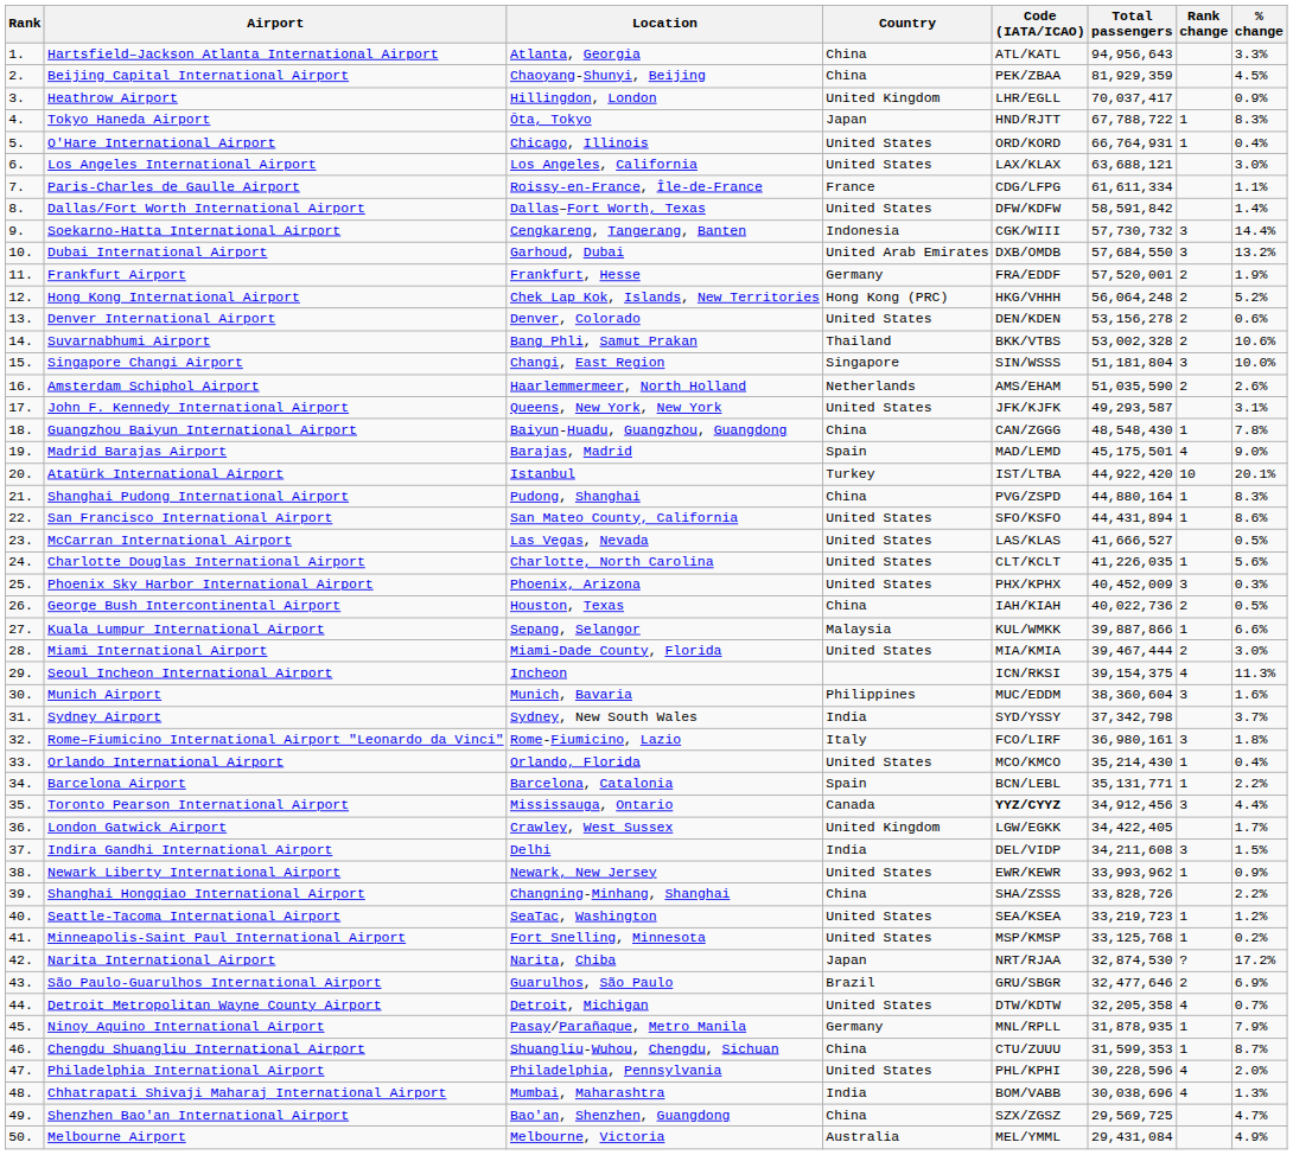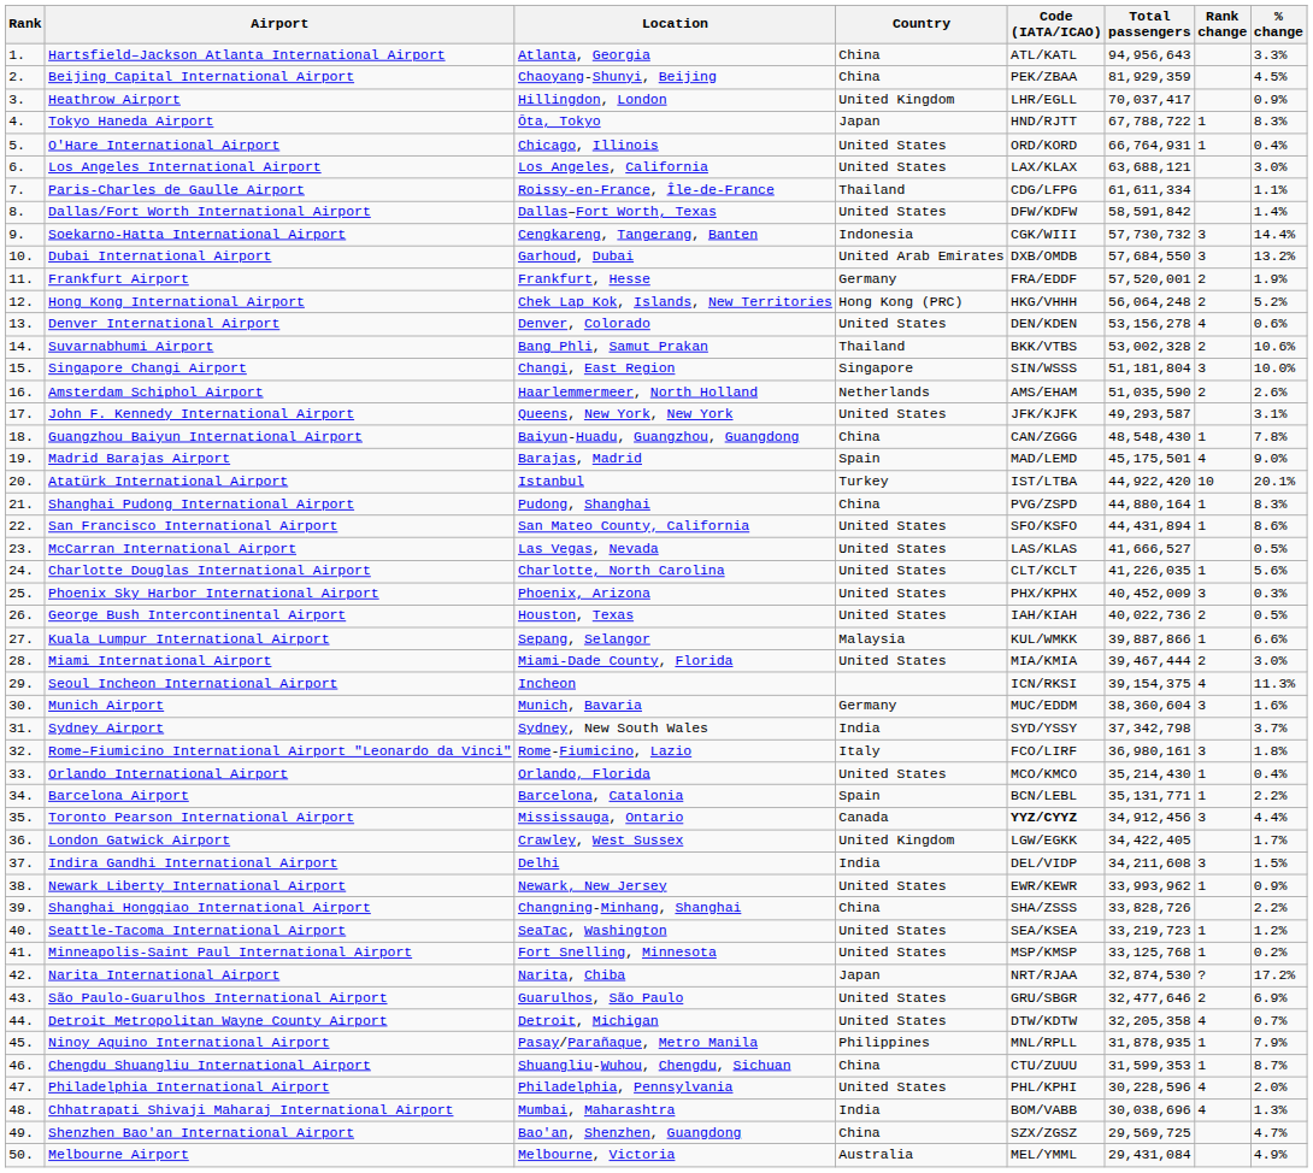 <table class="wikitable sortable" style="-size: 85%" width= align=>
 <tr style="background:lightgrey;">
 <th>Rank</th>
 <th>Airport</th>
 <th>Location</th>
 <th>Country</th>
 <th>Code<br>(IATA/ICAO)</th>
 <th>Total<br>passengers</th>
 <th>Rank<br>change<br></th>
 <th>%<br>change<br></th>
 </tr>
 <tr>
 <td>1.</td>
 <td> <a href='#'>Hartsfield–Jackson Atlanta International Airport</a></td>
 <td><a href='#'>Atlanta</a>, <a href='#'>Georgia</a></td>
 <td>China</td>
 <td>ATL/KATL</td>
 <td>94,956,643</td>
 <td></td>
 <td>3.3%</td>
 </tr>
 <tr>
 <td>2.</td>
 <td> <a href='#'>Beijing Capital International Airport</a></td>
 <td><a href='#'>Chaoyang</a>-<a href='#'>Shunyi</a>, <a href='#'>Beijing</a></td>
 <td>China</td>
 <td>PEK/ZBAA</td>
 <td>81,929,359</td>
 <td></td>
 <td>4.5%</td>
 </tr>
 <tr>
 <td>3.</td>
 <td> <a href='#'>Heathrow Airport</a></td>
 <td><a href='#'>Hillingdon</a>, <a href='#'>London</a></td>
 <td>United Kingdom</td>
 <td>LHR/EGLL</td>
 <td>70,037,417</td>
 <td></td>
 <td>0.9%</td>
 </tr>
 <tr>
 <td>4.</td>
 <td> <a href='#'>Tokyo Haneda Airport</a></td>
 <td><a href='#'>Ōta, Tokyo</a></td>
 <td>Japan</td>
 <td>HND/RJTT</td>
 <td>67,788,722</td>
 <td>1</td>
 <td>8.3%</td>
 </tr>
 <tr>
 <td>5.</td>
 <td> <a href='#'>O'Hare International Airport</a></td>
 <td><a href='#'>Chicago</a>, <a href='#'>Illinois</a></td>
 <td>United States</td>
 <td>ORD/KORD</td>
 <td>66,764,931</td>
 <td>1</td>
 <td>0.4%</td>
 </tr>
 <tr>
 <td>6.</td>
 <td> <a href='#'>Los Angeles International Airport</a></td>
 <td><a href='#'>Los Angeles</a>, <a href='#'>California</a></td>
 <td>United States</td>
 <td>LAX/KLAX</td>
 <td>63,688,121</td>
 <td></td>
 <td>3.0%</td>
 </tr>
 <tr>
 <td>7.</td>
 <td> <a href='#'>Paris-Charles de Gaulle Airport</a></td>
 <td><a href='#'>Roissy-en-France</a>, <a href='#'>Île-de-France</a></td>
-<td>France</td>
+<td>Thailand</td>
 <td>CDG/LFPG</td>
 <td>61,611,334</td>
 <td></td>
 <td>1.1%</td>
 </tr>
 <tr>
 <td>8.</td>
 <td> <a href='#'>Dallas/Fort Worth International Airport</a></td>
 <td><a href='#'>Dallas</a>–<a href='#'>Fort Worth, Texas</a></td>
 <td>United States</td>
 <td>DFW/KDFW</td>
 <td>58,591,842</td>
 <td></td>
 <td>1.4%</td>
 </tr>
 <tr>
 <td>9.</td>
 <td> <a href='#'>Soekarno-Hatta International Airport</a></td>
 <td><a href='#'>Cengkareng</a>, <a href='#'>Tangerang</a>, <a href='#'>Banten</a></td>
 <td>Indonesia</td>
 <td>CGK/WIII</td>
 <td>57,730,732</td>
 <td>3</td>
 <td>14.4%</td>
 </tr>
 <tr>
 <td>10.</td>
 <td> <a href='#'>Dubai International Airport</a></td>
 <td><a href='#'>Garhoud</a>, <a href='#'>Dubai</a></td>
 <td>United Arab Emirates</td>
 <td>DXB/OMDB</td>
 <td>57,684,550</td>
 <td>3</td>
 <td>13.2%</td>
 </tr>
 <tr>
 <td>11.</td>
 <td> <a href='#'>Frankfurt Airport</a></td>
 <td><a href='#'>Frankfurt</a>, <a href='#'>Hesse</a></td>
 <td>Germany</td>
 <td>FRA/EDDF</td>
 <td>57,520,001</td>
 <td>2</td>
 <td>1.9%</td>
 </tr>
 <tr>
 <td>12.</td>
 <td> <a href='#'>Hong Kong International Airport</a></td>
 <td><a href='#'>Chek Lap Kok</a>, <a href='#'>Islands</a>, <a href='#'>New Territories</a></td>
 <td>Hong Kong (PRC)</td>
 <td>HKG/VHHH</td>
 <td>56,064,248</td>
 <td>2</td>
 <td>5.2%</td>
 </tr>
 <tr>
 <td>13.</td>
 <td> <a href='#'>Denver International Airport</a></td>
 <td><a href='#'>Denver</a>, <a href='#'>Colorado</a></td>
 <td>United States</td>
 <td>DEN/KDEN</td>
 <td>53,156,278</td>
-<td>2</td>
+<td>4</td>
 <td>0.6%</td>
 </tr>
 <tr>
 <td>14.</td>
 <td> <a href='#'>Suvarnabhumi Airport</a></td>
 <td><a href='#'>Bang Phli</a>, <a href='#'>Samut Prakan</a></td>
 <td>Thailand</td>
 <td>BKK/VTBS</td>
 <td>53,002,328</td>
 <td>2</td>
 <td>10.6%</td>
 </tr>
 <tr>
 <td>15.</td>
 <td> <a href='#'>Singapore Changi Airport</a></td>
 <td><a href='#'>Changi</a>, <a href='#'>East Region</a></td>
 <td>Singapore</td>
 <td>SIN/WSSS</td>
 <td>51,181,804</td>
 <td>3</td>
 <td>10.0%</td>
 </tr>
 <tr>
 <td>16.</td>
 <td> <a href='#'>Amsterdam Schiphol Airport</a></td>
 <td><a href='#'>Haarlemmermeer</a>, <a href='#'>North Holland</a></td>
 <td>Netherlands</td>
 <td>AMS/EHAM</td>
 <td>51,035,590</td>
 <td>2</td>
 <td>2.6%</td>
 </tr>
 <tr>
 <td>17.</td>
 <td> <a href='#'>John F. Kennedy International Airport</a></td>
 <td><a href='#'>Queens</a>, <a href='#'>New York</a>, <a href='#'>New York</a></td>
 <td>United States</td>
 <td>JFK/KJFK</td>
 <td>49,293,587</td>
 <td></td>
 <td>3.1%</td>
 </tr>
 <tr>
 <td>18.</td>
 <td> <a href='#'>Guangzhou Baiyun International Airport</a></td>
 <td><a href='#'>Baiyun</a>-<a href='#'>Huadu</a>, <a href='#'>Guangzhou</a>, <a href='#'>Guangdong</a></td>
 <td>China</td>
 <td>CAN/ZGGG</td>
 <td>48,548,430</td>
 <td>1</td>
 <td>7.8%</td>
 </tr>
 <tr>
 <td>19.</td>
 <td> <a href='#'>Madrid Barajas Airport</a></td>
 <td><a href='#'>Barajas</a>, <a href='#'>Madrid</a></td>
 <td>Spain</td>
 <td>MAD/LEMD</td>
 <td>45,175,501</td>
 <td>4</td>
 <td>9.0%</td>
 </tr>
 <tr>
 <td>20.</td>
 <td> <a href='#'>Atatürk International Airport</a></td>
 <td><a href='#'>Istanbul</a></td>
 <td>Turkey</td>
 <td>IST/LTBA</td>
 <td>44,922,420</td>
 <td>10</td>
 <td>20.1%</td>
 </tr>
 <tr>
 <td>21.</td>
 <td> <a href='#'>Shanghai Pudong International Airport</a></td>
 <td><a href='#'>Pudong</a>, <a href='#'>Shanghai</a></td>
 <td>China</td>
 <td>PVG/ZSPD</td>
 <td>44,880,164</td>
 <td>1</td>
 <td>8.3%</td>
 </tr>
 <tr>
 <td>22.</td>
 <td> <a href='#'>San Francisco International Airport</a></td>
 <td><a href='#'>San Mateo County, California</a></td>
 <td>United States</td>
 <td>SFO/KSFO</td>
 <td>44,431,894</td>
 <td>1</td>
 <td>8.6%</td>
 </tr>
 <tr>
 <td>23.</td>
 <td> <a href='#'>McCarran International Airport</a></td>
 <td><a href='#'>Las Vegas</a>, <a href='#'>Nevada</a></td>
 <td>United States</td>
 <td>LAS/KLAS</td>
 <td>41,666,527</td>
 <td></td>
 <td>0.5%</td>
 </tr>
 <tr>
 <td>24.</td>
 <td> <a href='#'>Charlotte Douglas International Airport</a></td>
 <td><a href='#'>Charlotte, North Carolina</a></td>
 <td>United States</td>
 <td>CLT/KCLT</td>
 <td>41,226,035</td>
 <td>1</td>
 <td>5.6%</td>
 </tr>
 <tr>
 <td>25.</td>
 <td> <a href='#'>Phoenix Sky Harbor International Airport</a></td>
 <td><a href='#'>Phoenix, Arizona</a></td>
 <td>United States</td>
 <td>PHX/KPHX</td>
 <td>40,452,009</td>
 <td>3</td>
 <td>0.3%</td>
 </tr>
 <tr>
 <td>26.</td>
 <td> <a href='#'>George Bush Intercontinental Airport</a></td>
 <td><a href='#'>Houston</a>, <a href='#'>Texas</a></td>
-<td>China</td>
+<td>United States</td>
 <td>IAH/KIAH</td>
 <td>40,022,736</td>
 <td>2</td>
 <td>0.5%</td>
 </tr>
 <tr>
 <td>27.</td>
 <td> <a href='#'>Kuala Lumpur International Airport</a></td>
 <td><a href='#'>Sepang</a>, <a href='#'>Selangor</a></td>
 <td>Malaysia</td>
 <td>KUL/WMKK</td>
 <td>39,887,866</td>
 <td>1</td>
 <td>6.6%</td>
 </tr>
 <tr>
 <td>28.</td>
 <td> <a href='#'>Miami International Airport</a></td>
 <td><a href='#'>Miami-Dade County</a>, <a href='#'>Florida</a></td>
 <td>United States</td>
 <td>MIA/KMIA</td>
 <td>39,467,444</td>
 <td>2</td>
 <td>3.0%</td>
 </tr>
 <tr>
 <td>29.</td>
 <td> <a href='#'>Seoul Incheon International Airport</a></td>
 <td><a href='#'>Incheon</a></td>
 <td></td>
 <td>ICN/RKSI</td>
 <td>39,154,375</td>
 <td>4</td>
 <td>11.3%</td>
 </tr>
 <tr>
 <td>30.</td>
 <td> <a href='#'>Munich Airport</a></td>
 <td><a href='#'>Munich</a>, <a href='#'>Bavaria</a></td>
-<td>Philippines</td>
+<td>Germany</td>
 <td>MUC/EDDM</td>
 <td>38,360,604</td>
 <td>3</td>
 <td>1.6%</td>
 </tr>
 <tr>
 <td>31.</td>
 <td> <a href='#'>Sydney Airport</a></td>
 <td><a href='#'>Sydney</a>, New South Wales</td>
 <td>India</td>
 <td>SYD/YSSY</td>
 <td>37,342,798</td>
 <td></td>
 <td>3.7%</td>
 </tr>
 <tr>
 <td>32.</td>
 <td> <a href='#'>Rome–Fiumicino International Airport "Leonardo da Vinci"</a></td>
 <td><a href='#'>Rome</a>-<a href='#'>Fiumicino</a>, <a href='#'>Lazio</a></td>
 <td>Italy</td>
 <td>FCO/LIRF</td>
 <td>36,980,161</td>
 <td>3</td>
 <td>1.8%</td>
 </tr>
 <tr>
 <td>33.</td>
 <td> <a href='#'>Orlando International Airport</a></td>
 <td><a href='#'>Orlando, Florida</a></td>
 <td>United States</td>
 <td>MCO/KMCO</td>
 <td>35,214,430</td>
 <td>1</td>
 <td>0.4%</td>
 </tr>
 <tr>
 <td>34.</td>
 <td> <a href='#'>Barcelona Airport</a></td>
 <td><a href='#'>Barcelona</a>, <a href='#'>Catalonia</a></td>
 <td>Spain</td>
 <td>BCN/LEBL</td>
 <td>35,131,771</td>
 <td>1</td>
 <td>2.2%</td>
 </tr>
 <tr>
 <td>35.</td>
 <td> <a href='#'>Toronto Pearson International Airport</a></td>
 <td><a href='#'>Mississauga</a>, <a href='#'>Ontario</a></td>
 <td>Canada</td>
 <td><strong>YYZ/CYYZ</strong></td>
 <td>34,912,456</td>
 <td>3</td>
 <td>4.4%</td>
 </tr>
 <tr>
 <td>36.</td>
 <td> <a href='#'>London Gatwick Airport</a></td>
 <td><a href='#'>Crawley</a>, <a href='#'>West Sussex</a></td>
 <td>United Kingdom</td>
 <td>LGW/EGKK</td>
 <td>34,422,405</td>
 <td></td>
 <td>1.7%</td>
 </tr>
 <tr>
 <td>37.</td>
 <td> <a href='#'>Indira Gandhi International Airport</a></td>
 <td><a href='#'>Delhi</a></td>
 <td>India</td>
 <td>DEL/VIDP</td>
 <td>34,211,608</td>
 <td>3</td>
 <td>1.5%</td>
 </tr>
 <tr>
 <td>38.</td>
 <td> <a href='#'>Newark Liberty International Airport</a></td>
 <td><a href='#'>Newark, New Jersey</a></td>
 <td>United States</td>
 <td>EWR/KEWR</td>
 <td>33,993,962</td>
 <td>1</td>
 <td>0.9%</td>
 </tr>
 <tr>
 <td>39.</td>
 <td> <a href='#'>Shanghai Hongqiao International Airport</a></td>
 <td><a href='#'>Changning</a>-<a href='#'>Minhang</a>, <a href='#'>Shanghai</a></td>
 <td>China</td>
 <td>SHA/ZSSS</td>
 <td>33,828,726</td>
 <td></td>
 <td>2.2%</td>
 </tr>
 <tr>
 <td>40.</td>
 <td> <a href='#'>Seattle-Tacoma International Airport</a></td>
 <td><a href='#'>SeaTac</a>, <a href='#'>Washington</a></td>
 <td>United States</td>
 <td>SEA/KSEA</td>
 <td>33,219,723</td>
 <td>1</td>
 <td>1.2%</td>
 </tr>
 <tr>
 <td>41.</td>
 <td> <a href='#'>Minneapolis-Saint Paul International Airport</a></td>
 <td><a href='#'>Fort Snelling</a>, <a href='#'>Minnesota</a></td>
 <td>United States</td>
 <td>MSP/KMSP</td>
 <td>33,125,768</td>
 <td>1</td>
 <td>0.2%</td>
 </tr>
 <tr>
 <td>42.</td>
 <td> <a href='#'>Narita International Airport</a></td>
 <td><a href='#'>Narita</a>, <a href='#'>Chiba</a></td>
 <td>Japan</td>
 <td>NRT/RJAA</td>
 <td>32,874,530</td>
 <td>?</td>
 <td>17.2%</td>
 </tr>
 <tr>
 <td>43.</td>
 <td> <a href='#'>São Paulo-Guarulhos International Airport</a></td>
 <td><a href='#'>Guarulhos</a>, <a href='#'>São Paulo</a></td>
-<td>Brazil</td>
+<td>United States</td>
 <td>GRU/SBGR</td>
 <td>32,477,646</td>
 <td>2</td>
 <td>6.9%</td>
 </tr>
 <tr>
 <td>44.</td>
 <td> <a href='#'>Detroit Metropolitan Wayne County Airport</a></td>
 <td><a href='#'>Detroit</a>, <a href='#'>Michigan</a></td>
 <td>United States</td>
 <td>DTW/KDTW</td>
 <td>32,205,358</td>
 <td>4</td>
 <td>0.7%</td>
 </tr>
 <tr>
 <td>45.</td>
 <td> <a href='#'>Ninoy Aquino International Airport</a></td>
 <td><a href='#'>Pasay</a>/<a href='#'>Parañaque</a>, <a href='#'>Metro Manila</a></td>
-<td>Germany</td>
+<td>Philippines</td>
 <td>MNL/RPLL</td>
 <td>31,878,935</td>
 <td>1</td>
 <td>7.9%</td>
 </tr>
 <tr>
 <td>46.</td>
 <td> <a href='#'>Chengdu Shuangliu International Airport</a></td>
 <td><a href='#'>Shuangliu</a>-<a href='#'>Wuhou</a>, <a href='#'>Chengdu</a>, <a href='#'>Sichuan</a></td>
 <td>China</td>
 <td>CTU/ZUUU</td>
 <td>31,599,353</td>
 <td>1</td>
 <td>8.7%</td>
 </tr>
 <tr>
 <td>47.</td>
 <td> <a href='#'>Philadelphia International Airport</a></td>
 <td><a href='#'>Philadelphia</a>, <a href='#'>Pennsylvania</a></td>
 <td>United States</td>
 <td>PHL/KPHI</td>
 <td>30,228,596</td>
 <td>4</td>
 <td>2.0%</td>
 </tr>
 <tr>
 <td>48.</td>
 <td> <a href='#'>Chhatrapati Shivaji Maharaj International Airport</a></td>
 <td><a href='#'>Mumbai</a>, <a href='#'>Maharashtra</a></td>
 <td>India</td>
 <td>BOM/VABB</td>
 <td>30,038,696</td>
 <td>4</td>
 <td>1.3%</td>
 </tr>
 <tr>
 <td>49.</td>
 <td> <a href='#'>Shenzhen Bao'an International Airport</a></td>
 <td><a href='#'>Bao'an</a>, <a href='#'>Shenzhen</a>, <a href='#'>Guangdong</a></td>
 <td>China</td>
 <td>SZX/ZGSZ</td>
 <td>29,569,725</td>
 <td></td>
 <td>4.7%</td>
 </tr>
 <tr>
 <td>50.</td>
 <td> <a href='#'>Melbourne Airport</a></td>
 <td><a href='#'>Melbourne</a>, <a href='#'>Victoria</a></td>
 <td>Australia</td>
 <td>MEL/YMML</td>
 <td>29,431,084</td>
 <td></td>
 <td>4.9%</td>
 </tr>
 </table>
